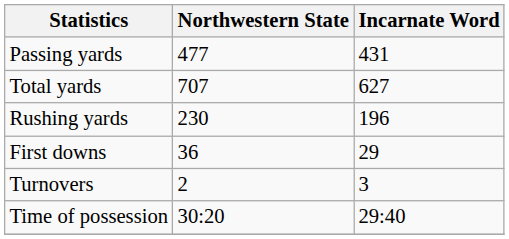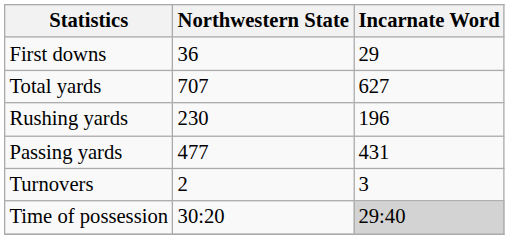 <table class="wikitable">
 <tr>
 <th>Statistics</th>
 <th>Northwestern State</th>
 <th>Incarnate Word</th>
 </tr>
 <tr>
-<td>Passing yards</td>
-<td>477</td>
-<td>431</td>
+<td>First downs</td>
+<td>36</td>
+<td>29</td>
 </tr>
 <tr>
 <td>Total yards</td>
 <td>707</td>
 <td>627</td>
 </tr>
 <tr>
 <td>Rushing yards</td>
 <td>230</td>
 <td>196</td>
 </tr>
 <tr>
-<td>First downs</td>
-<td>36</td>
-<td>29</td>
+<td>Passing yards</td>
+<td>477</td>
+<td>431</td>
 </tr>
 <tr>
 <td>Turnovers</td>
 <td>2</td>
 <td>3</td>
 </tr>
 <tr>
 <td>Time of possession</td>
 <td>30:20</td>
-<td>29:40</td>
+<td style="background: lightgrey;">29:40</td>
 </tr>
 <tr>
 </tr>
 </table>
